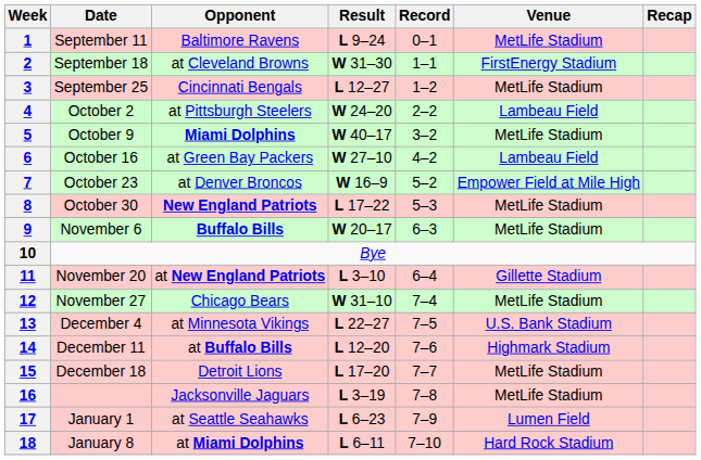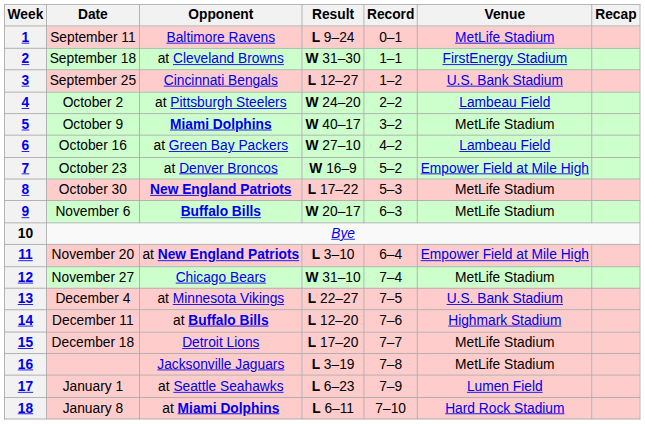 <table class="wikitable" style="text-align:center">
 <tr>
 <th>Week</th>
 <th>Date</th>
 <th>Opponent</th>
 <th>Result</th>
 <th>Record</th>
 <th>Venue</th>
 <th>Recap</th>
 </tr>
 <tr style="background:#fcc">
 <th><a href='#'>1</a></th>
 <td>September 11</td>
 <td><a href='#'>Baltimore Ravens</a></td>
 <td><strong>L</strong> 9–24</td>
 <td>0–1</td>
 <td><a href='#'>MetLife Stadium</a></td>
 <td></td>
 </tr>
 <tr style="background:#cfc">
 <th><a href='#'>2</a></th>
 <td>September 18</td>
 <td>at <a href='#'>Cleveland Browns</a></td>
 <td><strong>W</strong> 31–30</td>
 <td>1–1</td>
 <td><a href='#'>FirstEnergy Stadium</a></td>
 <td></td>
 </tr>
 <tr style="background:#fcc">
 <th><a href='#'>3</a></th>
 <td>September 25</td>
 <td><a href='#'>Cincinnati Bengals</a></td>
 <td><strong>L</strong> 12–27</td>
 <td>1–2</td>
-<td>MetLife Stadium</td>
+<td><a href='#'>U.S. Bank Stadium</a></td>
 <td></td>
 </tr>
 <tr style="background:#cfc">
 <th><a href='#'>4</a></th>
 <td>October 2</td>
 <td>at <a href='#'>Pittsburgh Steelers</a></td>
 <td><strong>W</strong> 24–20</td>
 <td>2–2</td>
 <td><a href='#'>Lambeau Field</a></td>
 <td></td>
 </tr>
 <tr style="background:#cfc">
 <th><a href='#'>5</a></th>
 <td>October 9</td>
 <td><strong><a href='#'>Miami Dolphins</a></strong></td>
 <td><strong>W</strong> 40–17</td>
 <td>3–2</td>
 <td>MetLife Stadium</td>
 <td></td>
 </tr>
 <tr style="background:#cfc">
 <th><a href='#'>6</a></th>
 <td>October 16</td>
 <td>at <a href='#'>Green Bay Packers</a></td>
 <td><strong>W</strong> 27–10</td>
 <td>4–2</td>
 <td><a href='#'>Lambeau Field</a></td>
 <td></td>
 </tr>
 <tr style="background:#cfc">
 <th><a href='#'>7</a></th>
 <td>October 23</td>
 <td>at <a href='#'>Denver Broncos</a></td>
 <td><strong>W</strong> 16–9</td>
 <td>5–2</td>
 <td><a href='#'>Empower Field at Mile High</a></td>
 <td></td>
 </tr>
 <tr style="background:#fcc">
 <th><a href='#'>8</a></th>
 <td>October 30</td>
 <td><strong><a href='#'>New England Patriots</a></strong></td>
 <td><strong>L</strong> 17–22</td>
 <td>5–3</td>
 <td>MetLife Stadium</td>
 <td></td>
 </tr>
 <tr style="background:#cfc">
 <th><a href='#'>9</a></th>
 <td>November 6</td>
 <td><strong><a href='#'>Buffalo Bills</a></strong></td>
 <td><strong>W</strong> 20–17</td>
 <td>6–3</td>
 <td>MetLife Stadium</td>
 <td></td>
 </tr>
 <tr>
 <th>10</th>
 <td colspan="6"><em><a href='#'>Bye</a></em></td>
 </tr>
 <tr style="background:#fcc">
 <th><a href='#'>11</a></th>
 <td>November 20</td>
 <td>at <strong><a href='#'>New England Patriots</a></strong></td>
 <td><strong>L</strong> 3–10</td>
 <td>6–4</td>
-<td><a href='#'>Gillette Stadium</a></td>
+<td><a href='#'>Empower Field at Mile High</a></td>
 <td></td>
 </tr>
 <tr style="background:#cfc">
 <th><a href='#'>12</a></th>
 <td>November 27</td>
 <td><a href='#'>Chicago Bears</a></td>
 <td><strong>W</strong> 31–10</td>
 <td>7–4</td>
 <td>MetLife Stadium</td>
 <td></td>
 </tr>
 <tr style="background:#fcc">
 <th><a href='#'>13</a></th>
 <td>December 4</td>
 <td>at <a href='#'>Minnesota Vikings</a></td>
 <td><strong>L</strong> 22–27</td>
 <td>7–5</td>
 <td><a href='#'>U.S. Bank Stadium</a></td>
 <td></td>
 </tr>
 <tr style="background:#fcc">
 <th><a href='#'>14</a></th>
 <td>December 11</td>
 <td>at <strong><a href='#'>Buffalo Bills</a></strong></td>
 <td><strong>L</strong> 12–20</td>
 <td>7–6</td>
 <td><a href='#'>Highmark Stadium</a></td>
 <td></td>
 </tr>
 <tr style="background:#fcc">
 <th><a href='#'>15</a></th>
 <td>December 18</td>
 <td><a href='#'>Detroit Lions</a></td>
 <td><strong>L</strong> 17–20</td>
 <td>7–7</td>
 <td>MetLife Stadium</td>
 <td></td>
 </tr>
 <tr style="background:#fcc">
 <th><a href='#'>16</a></th>
 <td></td>
 <td><a href='#'>Jacksonville Jaguars</a></td>
 <td><strong>L</strong> 3–19</td>
 <td>7–8</td>
 <td>MetLife Stadium</td>
 <td></td>
 </tr>
 <tr style="background:#fcc">
 <th><a href='#'>17</a></th>
 <td>January 1</td>
 <td>at <a href='#'>Seattle Seahawks</a></td>
 <td><strong>L</strong> 6–23</td>
 <td>7–9</td>
 <td><a href='#'>Lumen Field</a></td>
 <td></td>
 </tr>
 <tr style="background:#fcc">
 <th><a href='#'>18</a></th>
 <td>January 8</td>
 <td>at <strong><a href='#'>Miami Dolphins</a></strong></td>
 <td><strong>L</strong> 6–11</td>
 <td>7–10</td>
 <td><a href='#'>Hard Rock Stadium</a></td>
 <td></td>
 </tr>
 </table>
